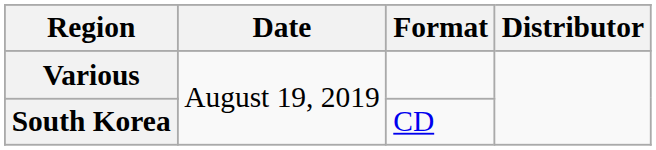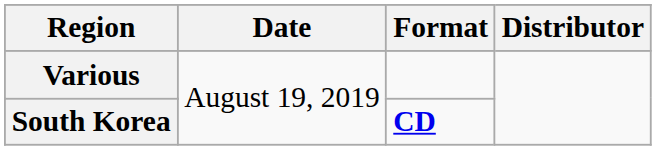 <table class="wikitable plainrowheaders">
 <tr>
 <th>Region</th>
 <th>Date</th>
 <th>Format</th>
 <th>Distributor</th>
 </tr>
 <tr>
 <th scope="row">Various</th>
 <td rowspan="3">August 19, 2019</td>
 <td rowspan="2"></td>
 <td rowspan="3"></td>
 </tr>
 <tr>
 <th scope="row" rowspan="2">South Korea</th>
 </tr>
 <tr>
-<td><a href='#'>CD</a></td>
+<td><strong><a href='#'>CD</a></strong></td>
 </tr>
 </table>
